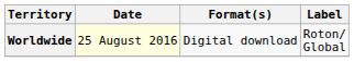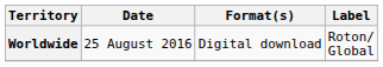 <table class="wikitable plainrowheaders">
 <tr>
 <th scope="col">Territory</th>
 <th scope="col">Date</th>
 <th scope="col">Format(s)</th>
 <th scope="col">Label</th>
 </tr>
 <tr>
 <th scope="row">Worldwide</th>
-<td style="background: lightyellow;">25 August 2016</td>
+<td>25 August 2016</td>
 <td>Digital download</td>
 <td>Roton/<br>Global</td>
 </tr>
 <tr>
 </tr>
 </table>
